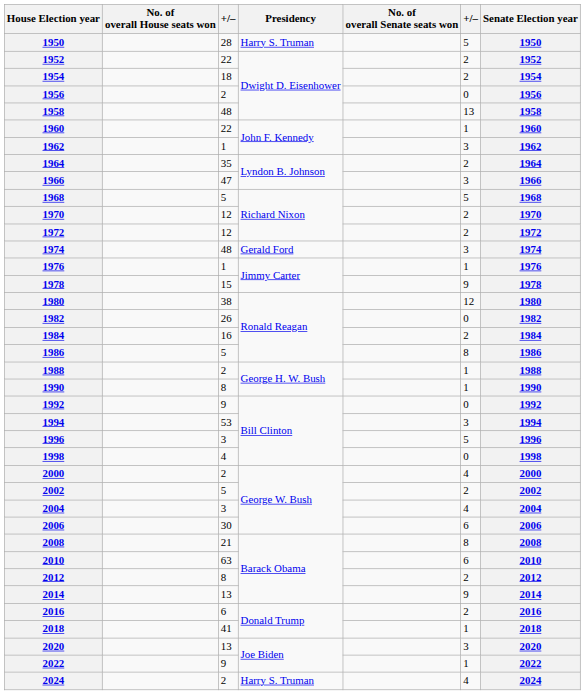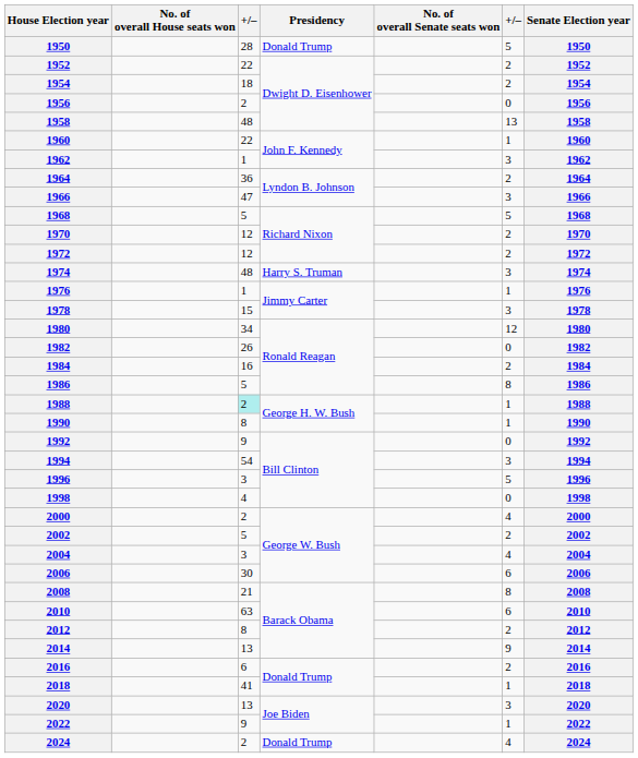 <table class="wikitable sortable">
 <tr>
 <th>House Election year</th>
 <th>No. of<br>overall House seats won</th>
 <th>+/–</th>
 <th>Presidency</th>
 <th>No. of<br>overall Senate seats won</th>
 <th>+/–</th>
 <th>Senate Election year</th>
 </tr>
 <tr>
 <th><a href='#'>1950</a></th>
 <td></td>
 <td> 28</td>
-<td><a href='#'>Harry S. Truman</a></td>
+<td><a href='#'>Donald Trump</a></td>
 <td></td>
 <td> 5</td>
 <th><a href='#'>1950</a></th>
 </tr>
 <tr>
 <th><a href='#'>1952</a></th>
 <td></td>
 <td> 22</td>
 <td rowspan="4" ><a href='#'>Dwight D. Eisenhower</a></td>
 <td></td>
 <td> 2</td>
 <th><a href='#'>1952</a></th>
 </tr>
 <tr>
 <th><a href='#'>1954</a></th>
 <td></td>
 <td> 18</td>
 <td></td>
 <td> 2</td>
 <th><a href='#'>1954</a></th>
 </tr>
 <tr>
 <th><a href='#'>1956</a></th>
 <td></td>
 <td> 2</td>
 <td></td>
 <td> 0</td>
 <th><a href='#'>1956</a></th>
 </tr>
 <tr>
 <th><a href='#'>1958</a></th>
 <td></td>
 <td> 48</td>
 <td></td>
 <td> 13</td>
 <th><a href='#'>1958</a></th>
 </tr>
 <tr>
 <th><a href='#'>1960</a></th>
 <td></td>
 <td> 22</td>
 <td rowspan="2" ><a href='#'>John F. Kennedy</a></td>
 <td></td>
 <td> 1</td>
 <th><a href='#'>1960</a></th>
 </tr>
 <tr>
 <th><a href='#'>1962</a></th>
 <td></td>
 <td> 1</td>
 <td></td>
 <td> 3</td>
 <th><a href='#'>1962</a></th>
 </tr>
 <tr>
 <th><a href='#'>1964</a></th>
 <td></td>
-<td> 35</td>
+<td> 36</td>
 <td rowspan="2" ><a href='#'>Lyndon B. Johnson</a></td>
 <td></td>
 <td> 2</td>
 <th><a href='#'>1964</a></th>
 </tr>
 <tr>
 <th><a href='#'>1966</a></th>
 <td></td>
 <td> 47</td>
 <td></td>
 <td> 3</td>
 <th><a href='#'>1966</a></th>
 </tr>
 <tr>
 <th><a href='#'>1968</a></th>
 <td></td>
 <td> 5</td>
 <td rowspan="3" ><a href='#'>Richard Nixon</a></td>
 <td></td>
 <td> 5</td>
 <th><a href='#'>1968</a></th>
 </tr>
 <tr>
 <th><a href='#'>1970</a></th>
 <td></td>
 <td> 12</td>
 <td></td>
 <td> 2</td>
 <th><a href='#'>1970</a></th>
 </tr>
 <tr>
 <th><a href='#'>1972</a></th>
 <td></td>
 <td> 12</td>
 <td></td>
 <td> 2</td>
 <th><a href='#'>1972</a></th>
 </tr>
 <tr>
 <th><a href='#'>1974</a></th>
 <td></td>
 <td> 48</td>
-<td><a href='#'>Gerald Ford</a></td>
+<td><a href='#'>Harry S. Truman</a></td>
 <td></td>
 <td> 3</td>
 <th><a href='#'>1974</a></th>
 </tr>
 <tr>
 <th><a href='#'>1976</a></th>
 <td></td>
 <td> 1</td>
 <td rowspan="2" ><a href='#'>Jimmy Carter</a></td>
 <td></td>
 <td> 1</td>
 <th><a href='#'>1976</a></th>
 </tr>
 <tr>
 <th><a href='#'>1978</a></th>
 <td></td>
 <td> 15</td>
 <td></td>
-<td> 9</td>
+<td> 3</td>
 <th><a href='#'>1978</a></th>
 </tr>
 <tr>
 <th><a href='#'>1980</a></th>
 <td></td>
-<td> 38</td>
+<td> 34</td>
 <td rowspan="4" ><a href='#'>Ronald Reagan</a></td>
 <td></td>
 <td> 12</td>
 <th><a href='#'>1980</a></th>
 </tr>
 <tr>
 <th><a href='#'>1982</a></th>
 <td></td>
 <td> 26</td>
 <td></td>
 <td> 0</td>
 <th><a href='#'>1982</a></th>
 </tr>
 <tr>
 <th><a href='#'>1984</a></th>
 <td></td>
 <td> 16</td>
 <td></td>
 <td> 2</td>
 <th><a href='#'>1984</a></th>
 </tr>
 <tr>
 <th><a href='#'>1986</a></th>
 <td></td>
 <td> 5</td>
 <td></td>
 <td> 8</td>
 <th><a href='#'>1986</a></th>
 </tr>
 <tr>
 <th><a href='#'>1988</a></th>
 <td></td>
-<td> 2</td>
+<td style="background: paleturquoise;"> 2</td>
 <td rowspan="2" ><a href='#'>George H. W. Bush</a></td>
 <td></td>
 <td> 1</td>
 <th><a href='#'>1988</a></th>
 </tr>
 <tr>
 <th><a href='#'>1990</a></th>
 <td></td>
 <td> 8</td>
 <td></td>
 <td> 1</td>
 <th><a href='#'>1990</a></th>
 </tr>
 <tr>
 <th><a href='#'>1992</a></th>
 <td></td>
 <td> 9</td>
 <td rowspan="4" ><a href='#'>Bill Clinton</a></td>
 <td></td>
 <td> 0</td>
 <th><a href='#'>1992</a></th>
 </tr>
 <tr>
 <th><a href='#'>1994</a></th>
 <td></td>
-<td> 53</td>
+<td> 54</td>
 <td></td>
 <td> 3</td>
 <th><a href='#'>1994</a></th>
 </tr>
 <tr>
 <th><a href='#'>1996</a></th>
 <td></td>
 <td> 3</td>
 <td></td>
 <td> 5</td>
 <th><a href='#'>1996</a></th>
 </tr>
 <tr>
 <th><a href='#'>1998</a></th>
 <td></td>
 <td> 4</td>
 <td></td>
 <td> 0</td>
 <th><a href='#'>1998</a></th>
 </tr>
 <tr>
 <th><a href='#'>2000</a></th>
 <td></td>
 <td> 2</td>
 <td rowspan="4" ><a href='#'>George W. Bush</a></td>
 <td></td>
 <td> 4</td>
 <th><a href='#'>2000</a></th>
 </tr>
 <tr>
 <th><a href='#'>2002</a></th>
 <td></td>
 <td> 5</td>
 <td></td>
 <td> 2</td>
 <th><a href='#'>2002</a></th>
 </tr>
 <tr>
 <th><a href='#'>2004</a></th>
 <td></td>
 <td> 3</td>
 <td></td>
 <td> 4</td>
 <th><a href='#'>2004</a></th>
 </tr>
 <tr>
 <th><a href='#'>2006</a></th>
 <td></td>
 <td> 30</td>
 <td></td>
 <td> 6</td>
 <th><a href='#'>2006</a></th>
 </tr>
 <tr>
 <th><a href='#'>2008</a></th>
 <td></td>
 <td> 21</td>
 <td rowspan="4" ><a href='#'>Barack Obama</a></td>
 <td></td>
 <td> 8</td>
 <th><a href='#'>2008</a></th>
 </tr>
 <tr>
 <th><a href='#'>2010</a></th>
 <td></td>
 <td> 63</td>
 <td></td>
 <td> 6</td>
 <th><a href='#'>2010</a></th>
 </tr>
 <tr>
 <th><a href='#'>2012</a></th>
 <td></td>
 <td> 8</td>
 <td></td>
 <td> 2</td>
 <th><a href='#'>2012</a></th>
 </tr>
 <tr>
 <th><a href='#'>2014</a></th>
 <td></td>
 <td> 13</td>
 <td></td>
 <td> 9</td>
 <th><a href='#'>2014</a></th>
 </tr>
 <tr>
 <th><a href='#'>2016</a></th>
 <td></td>
 <td> 6</td>
 <td rowspan="2" ><a href='#'>Donald Trump</a></td>
 <td></td>
 <td> 2</td>
 <th><a href='#'>2016</a></th>
 </tr>
 <tr>
 <th><a href='#'>2018</a></th>
 <td></td>
 <td> 41</td>
 <td></td>
 <td> 1</td>
 <th><a href='#'>2018</a></th>
 </tr>
 <tr>
 <th><a href='#'>2020</a></th>
 <td></td>
 <td> 13</td>
 <td rowspan="2" ><a href='#'>Joe Biden</a></td>
 <td></td>
 <td> 3</td>
 <th><a href='#'>2020</a></th>
 </tr>
 <tr>
 <th><a href='#'>2022</a></th>
 <td></td>
 <td> 9</td>
 <td></td>
 <td> 1</td>
 <th><a href='#'>2022</a></th>
 </tr>
 <tr>
 <th><a href='#'>2024</a></th>
 <td></td>
 <td> 2</td>
-<td><a href='#'>Harry S. Truman</a></td>
+<td><a href='#'>Donald Trump</a></td>
 <td></td>
 <td> 4</td>
 <th><a href='#'>2024</a></th>
 </tr>
 </table>
